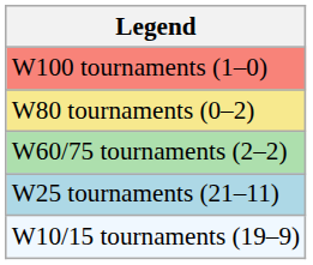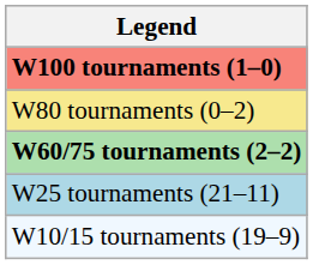 <table class=wikitable style="font-size:85%">
 <tr>
 <th>Legend</th>
 </tr>
 <tr style="background:#f88379;">
-<td>W100 tournaments (1–0)</td>
+<td><strong>W100 tournaments (1–0)</strong></td>
 </tr>
 <tr style="background:#f7e98e;">
 <td>W80 tournaments (0–2)</td>
 </tr>
 <tr style="background:#addfad;">
-<td>W60/75 tournaments (2–2)</td>
+<td><strong>W60/75 tournaments (2–2)</strong></td>
 </tr>
 <tr style="background:lightblue;">
 <td>W25 tournaments (21–11)</td>
 </tr>
 <tr style="background:#f0f8ff;">
 <td>W10/15 tournaments (19–9)</td>
 </tr>
 </table>
